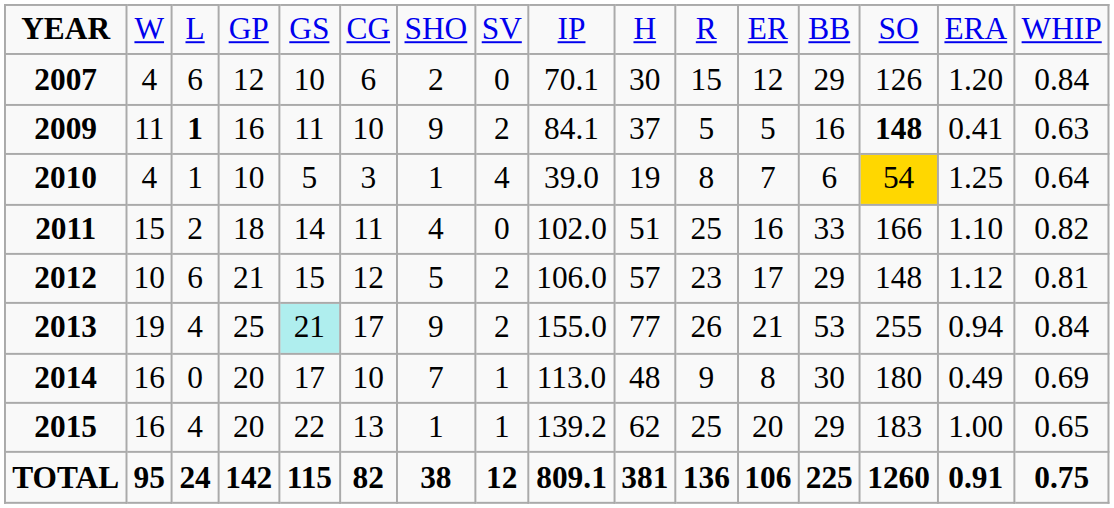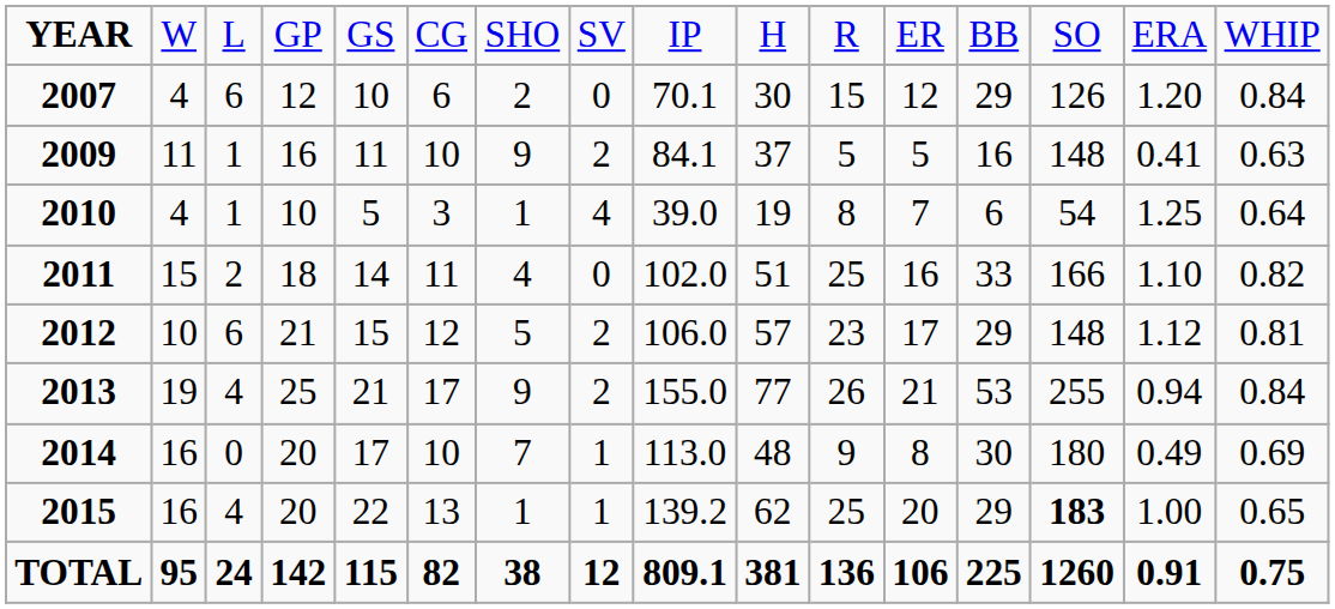 <table class="wikitable">
 <tr align=center>
 <td><strong>YEAR</strong></td>
 <td><a href='#'>W</a></td>
 <td><a href='#'>L</a></td>
 <td><a href='#'>GP</a></td>
 <td><a href='#'>GS</a></td>
 <td><a href='#'>CG</a></td>
 <td><a href='#'>SHO</a></td>
 <td><a href='#'>SV</a></td>
 <td><a href='#'>IP</a></td>
 <td><a href='#'>H</a></td>
 <td><a href='#'>R</a></td>
 <td><a href='#'>ER</a></td>
 <td><a href='#'>BB</a></td>
 <td><a href='#'>SO</a></td>
 <td><a href='#'>ERA</a></td>
 <td><a href='#'>WHIP</a></td>
 </tr>
 <tr align=center>
 <td><strong>2007</strong></td>
 <td>4</td>
 <td>6</td>
 <td>12</td>
 <td>10</td>
 <td>6</td>
 <td>2</td>
 <td>0</td>
 <td>70.1</td>
 <td>30</td>
 <td>15</td>
 <td>12</td>
 <td>29</td>
 <td>126</td>
 <td>1.20</td>
 <td>0.84</td>
 </tr>
 <tr align=center>
 <td><strong>2009</strong></td>
 <td>11</td>
-<td><strong>1</strong></td>
+<td>1</td>
 <td>16</td>
 <td>11</td>
 <td>10</td>
 <td>9</td>
 <td>2</td>
 <td>84.1</td>
 <td>37</td>
 <td>5</td>
 <td>5</td>
 <td>16</td>
-<td><strong>148</strong></td>
+<td>148</td>
 <td>0.41</td>
 <td>0.63</td>
 </tr>
 <tr align=center>
 <td><strong>2010</strong></td>
 <td>4</td>
 <td>1</td>
 <td>10</td>
 <td>5</td>
 <td>3</td>
 <td>1</td>
 <td>4</td>
 <td>39.0</td>
 <td>19</td>
 <td>8</td>
 <td>7</td>
 <td>6</td>
-<td style="background: gold;">54</td>
+<td>54</td>
 <td>1.25</td>
 <td>0.64</td>
 </tr>
 <tr align=center>
 <td><strong>2011</strong></td>
 <td>15</td>
 <td>2</td>
 <td>18</td>
 <td>14</td>
 <td>11</td>
 <td>4</td>
 <td>0</td>
 <td>102.0</td>
 <td>51</td>
 <td>25</td>
 <td>16</td>
 <td>33</td>
 <td>166</td>
 <td>1.10</td>
 <td>0.82</td>
 </tr>
 <tr align=center>
 <td><strong>2012</strong></td>
 <td>10</td>
 <td>6</td>
 <td>21</td>
 <td>15</td>
 <td>12</td>
 <td>5</td>
 <td>2</td>
 <td>106.0</td>
 <td>57</td>
 <td>23</td>
 <td>17</td>
 <td>29</td>
 <td>148</td>
 <td>1.12</td>
 <td>0.81</td>
 </tr>
 <tr align=center>
 <td><strong>2013</strong></td>
 <td>19</td>
 <td>4</td>
 <td>25</td>
-<td style="background: paleturquoise;">21</td>
+<td>21</td>
 <td>17</td>
 <td>9</td>
 <td>2</td>
 <td>155.0</td>
 <td>77</td>
 <td>26</td>
 <td>21</td>
 <td>53</td>
 <td>255</td>
 <td>0.94</td>
 <td>0.84</td>
 </tr>
 <tr align=center>
 <td><strong>2014</strong></td>
 <td>16</td>
 <td>0</td>
 <td>20</td>
 <td>17</td>
 <td>10</td>
 <td>7</td>
 <td>1</td>
 <td>113.0</td>
 <td>48</td>
 <td>9</td>
 <td>8</td>
 <td>30</td>
 <td>180</td>
 <td>0.49</td>
 <td>0.69</td>
 </tr>
 <tr align=center>
 <td><strong>2015</strong></td>
 <td>16</td>
 <td>4</td>
 <td>20</td>
 <td>22</td>
 <td>13</td>
 <td>1</td>
 <td>1</td>
 <td>139.2</td>
 <td>62</td>
 <td>25</td>
 <td>20</td>
 <td>29</td>
-<td>183</td>
+<td><strong>183</strong></td>
 <td>1.00</td>
 <td>0.65</td>
 </tr>
 <tr align=center>
 <td><strong>TOTAL</strong></td>
 <td><strong>95</strong></td>
 <td><strong>24</strong></td>
 <td><strong>142</strong></td>
 <td><strong>115</strong></td>
 <td><strong>82</strong></td>
 <td><strong>38</strong></td>
 <td><strong>12</strong></td>
 <td><strong>809.1</strong></td>
 <td><strong>381</strong></td>
 <td><strong>136</strong></td>
 <td><strong>106</strong></td>
 <td><strong>225</strong></td>
 <td><strong>1260</strong></td>
 <td><strong>0.91</strong></td>
 <td><strong>0.75</strong></td>
 </tr>
 </table>
